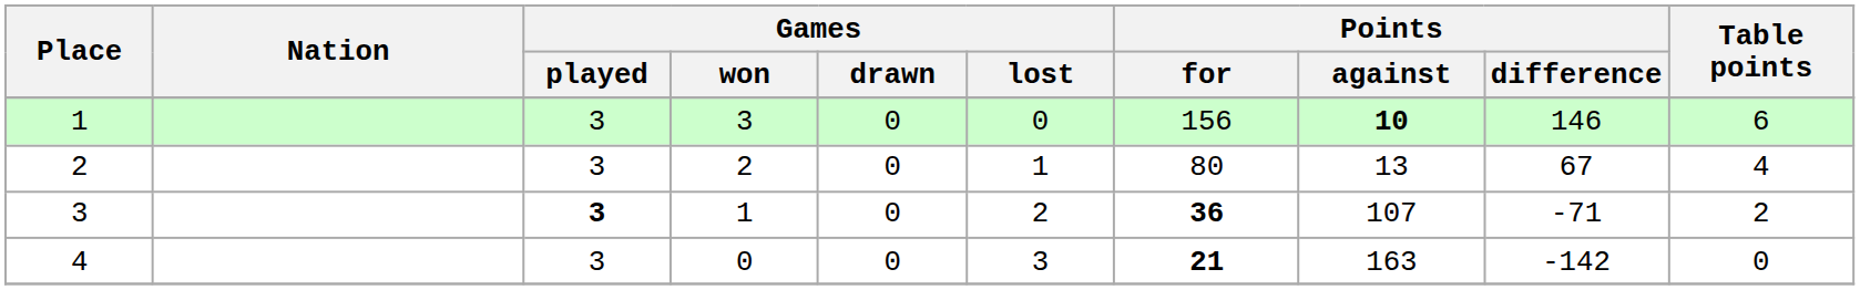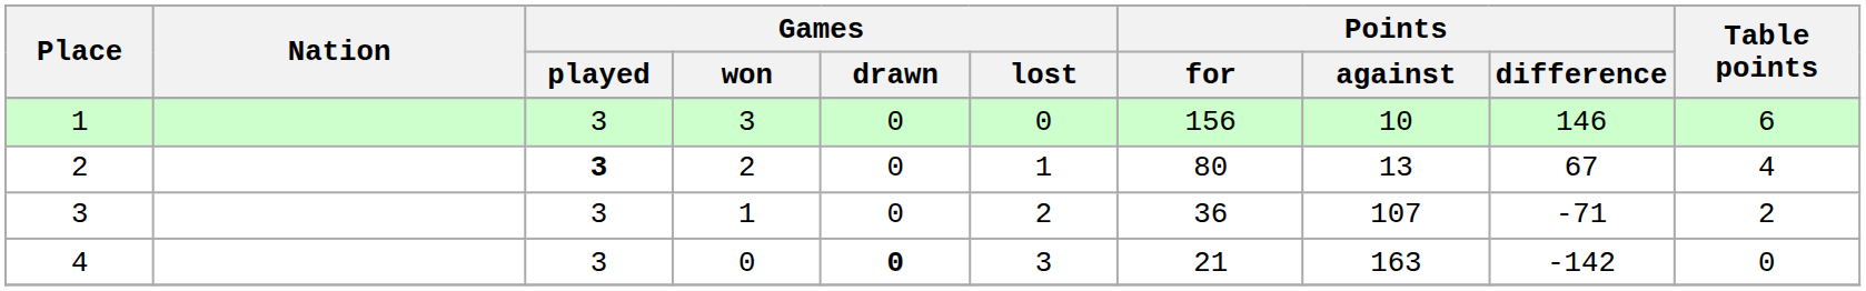 <table class="wikitable">
 <tr>
 <th rowspan=2 width="8%">Place</th>
 <th rowspan=2 width="20%">Nation</th>
 <th colspan=4 width="32%">Games</th>
 <th colspan=3 width="30%">Points</th>
 <th rowspan=2 width="10%">Table<br>points</th>
 </tr>
 <tr>
 <th width="8%">played</th>
 <th width="8%">won</th>
 <th width="8%">drawn</th>
 <th width="8%">lost</th>
 <th width="10%">for</th>
 <th width="10%">against</th>
 <th width="10%">difference</th>
 </tr>
 <tr>
 </tr>
 <tr bgcolor=#ccffcc align=center>
 <td>1</td>
 <td align=left><strong></strong></td>
 <td>3</td>
 <td>3</td>
 <td>0</td>
 <td>0</td>
 <td>156</td>
-<td><strong>10</strong></td>
+<td>10</td>
 <td>146</td>
 <td>6</td>
 </tr>
 <tr bgcolor=#ffffff align=center>
 <td>2</td>
 <td align=left></td>
-<td>3</td>
+<td><strong>3</strong></td>
 <td>2</td>
 <td>0</td>
 <td>1</td>
 <td>80</td>
 <td>13</td>
 <td>67</td>
 <td>4</td>
 </tr>
 <tr bgcolor=#ffffff align=center>
 <td>3</td>
 <td align=left></td>
-<td><strong>3</strong></td>
+<td>3</td>
 <td>1</td>
 <td>0</td>
 <td>2</td>
-<td><strong>36</strong></td>
+<td>36</td>
 <td>107</td>
 <td>-71</td>
 <td>2</td>
 </tr>
 <tr bgcolor=#ffffff align=center>
 <td>4</td>
 <td align=left></td>
 <td>3</td>
 <td>0</td>
-<td>0</td>
+<td><strong>0</strong></td>
 <td>3</td>
-<td><strong>21</strong></td>
+<td>21</td>
 <td>163</td>
 <td>-142</td>
 <td>0</td>
 </tr>
 <tr bgcolor=#ffcccc align=center>
 </tr>
 </table>
